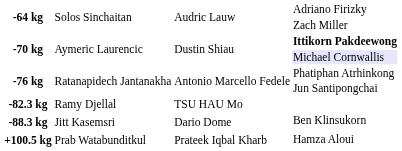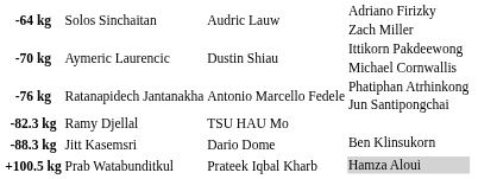 <table>
 <tr>
 <th scope=row rowspan=2>-64 kg</th>
 <td rowspan=2> Solos Sinchaitan</td>
 <td rowspan=2> Audric Lauw</td>
 <td> Adriano Firizky</td>
 </tr>
 <tr>
 <td> Zach Miller</td>
 </tr>
 <tr>
 <th scope=row rowspan=2>-70 kg</th>
 <td rowspan=2> Aymeric Laurencic</td>
 <td rowspan=2> Dustin Shiau</td>
-<td><strong> Ittikorn Pakdeewong</strong></td>
+<td> Ittikorn Pakdeewong</td>
 </tr>
 <tr>
-<td style="background: lavender;"> Michael Cornwallis</td>
+<td> Michael Cornwallis</td>
 </tr>
 <tr>
 <th scope=row rowspan=2>-76 kg</th>
 <td rowspan=2> Ratanapidech Jantanakha</td>
 <td rowspan=2> Antonio Marcello Fedele</td>
 <td> Phatiphan Atrhinkong</td>
 </tr>
 <tr>
 <td> Jun Santipongchai</td>
 </tr>
 <tr>
 <th scope=row rowspan=2>-82.3 kg</th>
 <td rowspan=2> Ramy Djellal</td>
 <td rowspan=2> TSU HAU Mo</td>
 <td></td>
 </tr>
 <tr>
 <td></td>
 </tr>
 <tr>
 <th scope=row rowspan=2>-88.3 kg</th>
 <td rowspan=2> Jitt Kasemsri</td>
 <td rowspan=2> Dario Dome</td>
 <td> Ben Klinsukorn</td>
 </tr>
 <tr>
 <td></td>
 </tr>
 <tr>
 <th scope=row rowspan=2>+100.5 kg</th>
 <td rowspan=2> Prab Watabunditkul</td>
 <td rowspan=2> Prateek Iqbal Kharb</td>
-<td> Hamza Aloui</td>
+<td style="background: lightgrey;"> Hamza Aloui</td>
 </tr>
 <tr>
 <td></td>
 </tr>
 </table>
